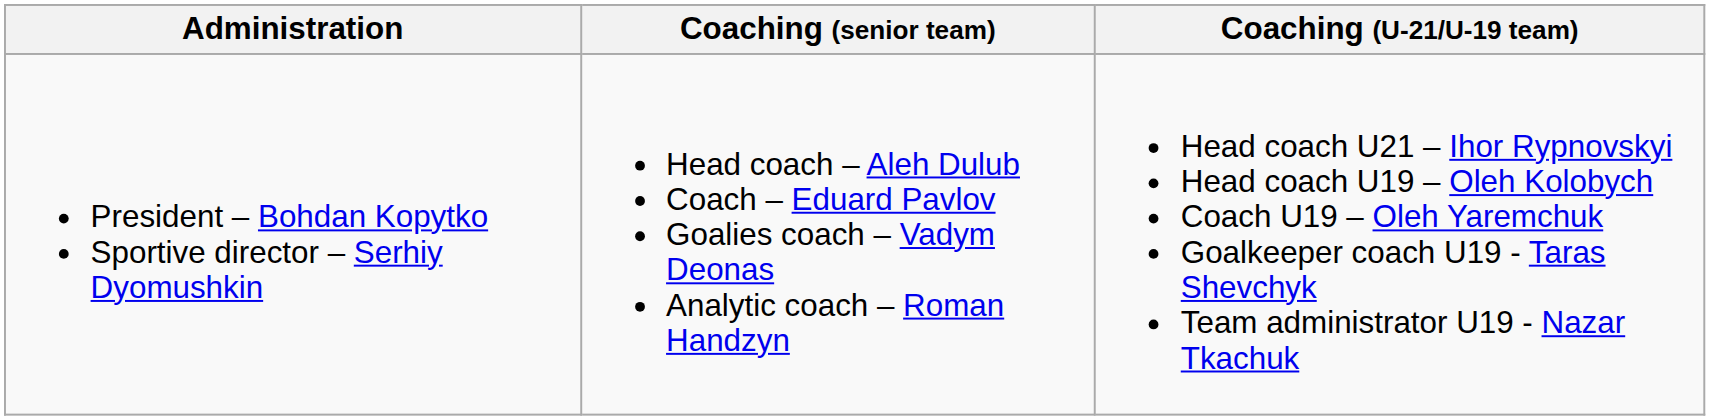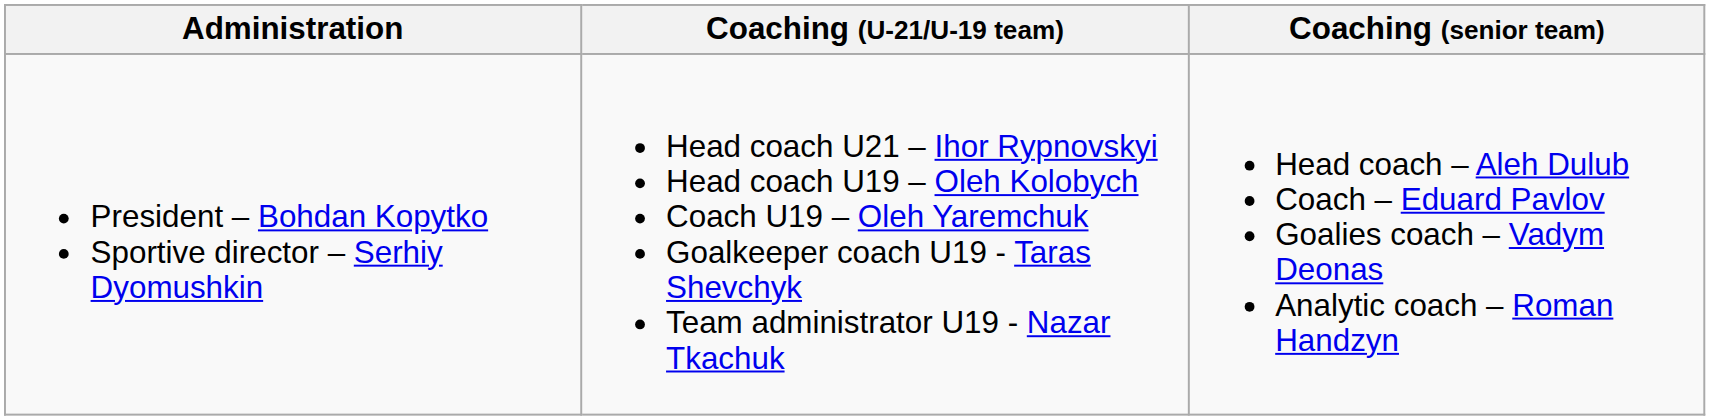 <table class="wikitable">
 <tr>
 <th>Administration</th>
+<th>Coaching <small>(U-21/U-19 team)</small></th>
 <th>Coaching <small>(senior team)</small></th>
-<th>Coaching <small>(U-21/U-19 team)</small></th>
 </tr>
 <tr>
 <td><br><ul><li>President – <a href='#'>Bohdan Kopytko</a></li><li>Sportive director – <a href='#'>Serhiy Dyomushkin</a></li></ul></td>
+<td><br><ul><li>Head coach U21 – <a href='#'>Ihor Rypnovskyi</a></li><li>Head coach U19 – <a href='#'>Oleh Kolobych</a></li><li>Coach U19 – <a href='#'>Oleh Yaremchuk</a></li><li>Goalkeeper coach U19 - <a href='#'>Taras Shevchyk</a></li><li>Team administrator U19 - <a href='#'>Nazar Tkachuk</a></li></ul></td>
 <td><br><ul><li>Head coach –  <a href='#'>Aleh Dulub</a></li><li>Coach – <a href='#'>Eduard Pavlov</a></li><li>Goalies coach – <a href='#'>Vadym Deonas</a></li><li>Analytic coach – <a href='#'>Roman Handzyn</a></li></ul></td>
-<td><br><ul><li>Head coach U21 – <a href='#'>Ihor Rypnovskyi</a></li><li>Head coach U19 – <a href='#'>Oleh Kolobych</a></li><li>Coach U19 – <a href='#'>Oleh Yaremchuk</a></li><li>Goalkeeper coach U19 - <a href='#'>Taras Shevchyk</a></li><li>Team administrator U19 - <a href='#'>Nazar Tkachuk</a></li></ul></td>
 </tr>
 </table>
